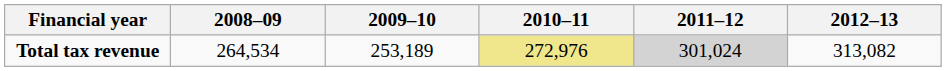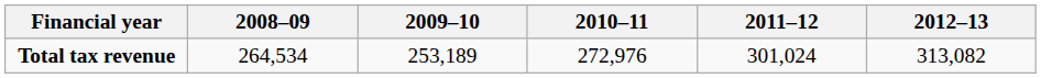 <table class="wikitable">
 <tr>
 <th scope="col" width="130px">Financial year</th>
 <th scope="col" width="120px">2008–09</th>
 <th scope="col" width="120px">2009–10</th>
 <th scope="col" width="120px">2010–11</th>
 <th scope="col" width="120px">2011–12</th>
 <th scope="col" width="120px">2012–13</th>
 </tr>
 <tr style="text-align: center;">
 <td><strong>Total tax revenue</strong></td>
 <td>264,534</td>
 <td>253,189</td>
-<td style="background: khaki;">272,976</td>
-<td style="background: lightgrey;">301,024</td>
+<td>272,976</td>
+<td>301,024</td>
 <td>313,082</td>
 </tr>
 </table>
